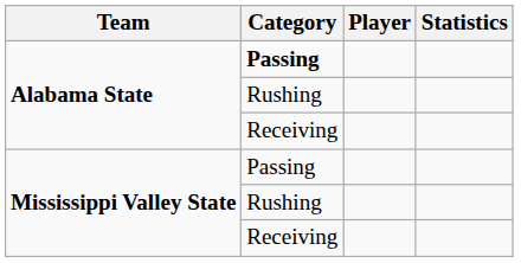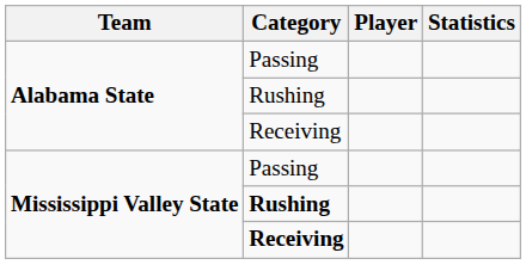 <table class="wikitable" style="float: left;">
 <tr>
 <th>Team</th>
 <th>Category</th>
 <th>Player</th>
 <th>Statistics</th>
 </tr>
 <tr>
 <td rowspan=3><strong>Alabama State</strong></td>
-<td><strong>Passing</strong></td>
+<td>Passing</td>
 <td> </td>
 <td> </td>
 </tr>
 <tr>
 <td>Rushing</td>
 <td> </td>
 <td> </td>
 </tr>
 <tr>
 <td>Receiving</td>
 <td> </td>
 <td> </td>
 </tr>
 <tr>
 <td rowspan=3><strong>Mississippi Valley State</strong></td>
 <td>Passing</td>
 <td> </td>
 <td> </td>
 </tr>
 <tr>
-<td>Rushing</td>
+<td><strong>Rushing</strong></td>
 <td> </td>
 <td> </td>
 </tr>
 <tr>
-<td>Receiving</td>
+<td><strong>Receiving</strong></td>
 <td> </td>
 <td> </td>
 </tr>
 </table>
